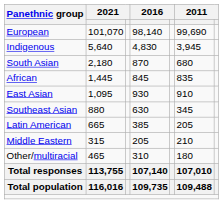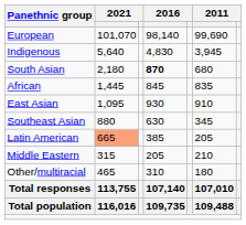 <table class="wikitable collapsible sortable">
 <tr>
 <th rowspan="2"><a href='#'>Panethnic</a> group</th>
 <th colspan="2">2021</th>
 <th colspan="2">2016</th>
 <th colspan="2">2011</th>
 </tr>
 <tr>
 <th><a href='#'></a></th>
 <th></th>
 <th></th>
 <th></th>
 <th></th>
 <th></th>
 </tr>
 <tr>
 <td><a href='#'>European</a></td>
 <td>101,070</td>
 <td></td>
 <td>98,140</td>
 <td></td>
 <td>99,690</td>
 <td></td>
 </tr>
 <tr>
 <td><a href='#'>Indigenous</a></td>
 <td>5,640</td>
 <td></td>
 <td>4,830</td>
 <td></td>
 <td>3,945</td>
 <td></td>
 </tr>
 <tr>
 <td><a href='#'>South Asian</a></td>
 <td>2,180</td>
 <td></td>
-<td>870</td>
+<td><strong>870</strong></td>
 <td></td>
 <td>680</td>
 <td></td>
 </tr>
 <tr>
 <td><a href='#'>African</a></td>
 <td>1,445</td>
 <td></td>
 <td>845</td>
 <td></td>
 <td>835</td>
 <td></td>
 </tr>
 <tr>
 <td><a href='#'>East Asian</a></td>
 <td>1,095</td>
 <td></td>
 <td>930</td>
 <td></td>
 <td>910</td>
 <td></td>
 </tr>
 <tr>
 <td><a href='#'>Southeast Asian</a></td>
 <td>880</td>
 <td></td>
 <td>630</td>
 <td></td>
 <td>345</td>
 <td></td>
 </tr>
 <tr>
 <td><a href='#'>Latin American</a></td>
-<td>665</td>
+<td style="background: lightsalmon;">665</td>
 <td></td>
 <td>385</td>
 <td></td>
 <td>205</td>
 <td></td>
 </tr>
 <tr>
 <td><a href='#'>Middle Eastern</a></td>
 <td>315</td>
 <td></td>
 <td>205</td>
 <td></td>
 <td>210</td>
 <td></td>
 </tr>
 <tr>
 <td>Other/<a href='#'>multiracial</a></td>
 <td>465</td>
 <td></td>
 <td>310</td>
 <td></td>
 <td>180</td>
 <td></td>
 </tr>
 <tr>
 <th>Total responses</th>
 <th>113,755</th>
 <th></th>
 <th>107,140</th>
 <th></th>
 <th>107,010</th>
 <th></th>
 </tr>
 <tr class="sortbottom">
 <th>Total population</th>
 <th>116,016</th>
 <th></th>
 <th>109,735</th>
 <th></th>
 <th>109,488</th>
 <th></th>
 </tr>
 <tr class="sortbottom">
 <td colspan="15"></td>
 </tr>
 </table>
